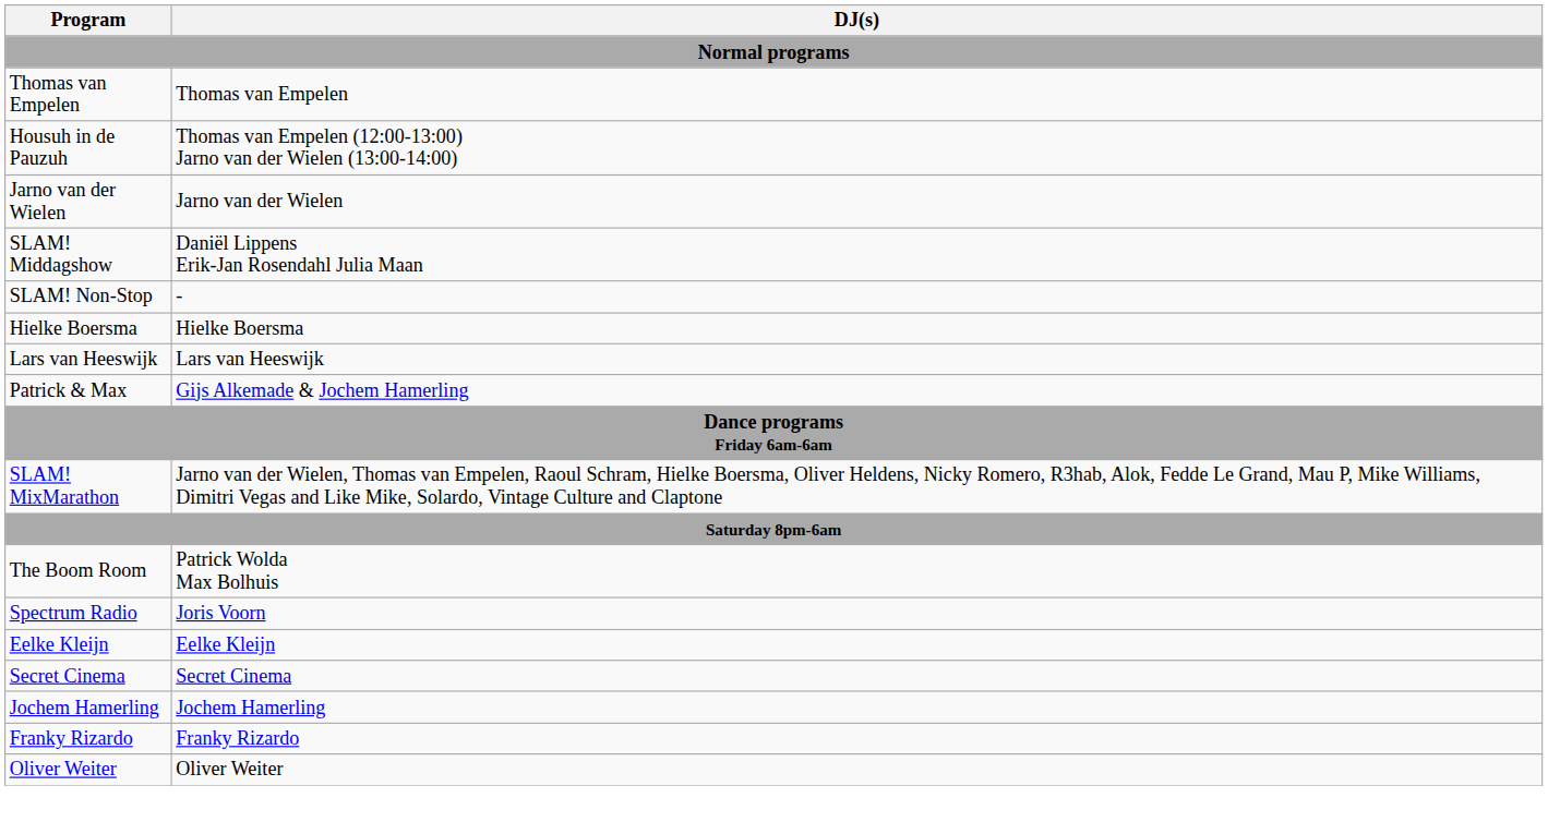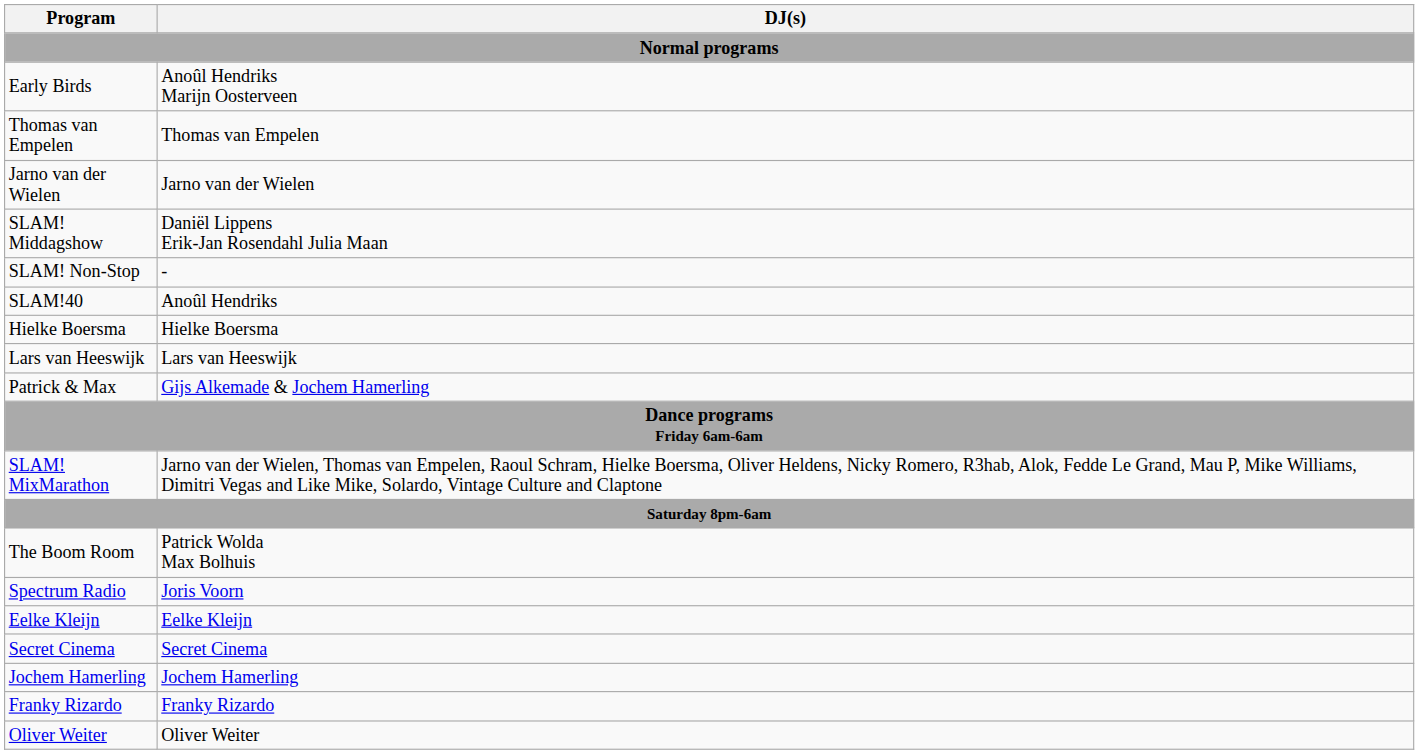 <table class="wikitable">
 <tr>
 <th>Program</th>
 <th>DJ(s)</th>
 </tr>
 <tr>
 <td colspan="2" style="text-align:center; background-color:#AAAAAA;"><strong>Normal programs</strong></td>
 </tr>
 <tr>
+<td>Early Birds</td>
+<td>Anoûl Hendriks<br>Marijn Oosterveen</td>
+</tr>
+<tr>
 <td>Thomas van Empelen</td>
 <td>Thomas van Empelen</td>
-</tr>
-<tr>
-<td>Housuh in de Pauzuh</td>
-<td>Thomas van Empelen (12:00-13:00)<br>Jarno van der Wielen (13:00-14:00)</td>
 </tr>
 <tr>
 <td>Jarno van der Wielen</td>
 <td>Jarno van der Wielen</td>
 </tr>
 <tr>
 <td>SLAM! Middagshow</td>
 <td>Daniël Lippens<br>Erik-Jan Rosendahl Julia Maan</td>
 </tr>
 <tr>
 <td>SLAM! Non-Stop</td>
 <td>-</td>
+</tr>
+<tr>
+<td>SLAM!40</td>
+<td>Anoûl Hendriks</td>
 </tr>
 <tr>
 <td>Hielke Boersma</td>
 <td>Hielke Boersma</td>
 </tr>
 <tr>
 <td>Lars van Heeswijk</td>
 <td>Lars van Heeswijk</td>
 </tr>
 <tr>
 <td>Patrick & Max</td>
 <td><a href='#'>Gijs Alkemade</a> & <a href='#'>Jochem Hamerling</a></td>
 </tr>
 <tr>
 <td colspan="2" style="text-align:center; background-color:#AAAAAA;"><strong>Dance programs</strong><br><strong><small>Friday 6am-6am</small></strong></td>
 </tr>
 <tr>
 <td><a href='#'>SLAM! MixMarathon</a></td>
 <td>Jarno van der Wielen, Thomas van Empelen, Raoul Schram, Hielke Boersma, Oliver Heldens, Nicky Romero, R3hab, Alok, Fedde Le Grand, Mau P, Mike Williams, Dimitri Vegas and Like Mike, Solardo, Vintage Culture and Claptone</td>
 </tr>
 <tr>
 <th colspan="2" style="text-align:center; background-color:#AAAAAA;"><strong><small>Saturday 8pm-6am</small></strong></th>
 </tr>
 <tr>
 <td>The Boom Room</td>
 <td>Patrick Wolda<br>Max Bolhuis</td>
 </tr>
 <tr>
 <td><a href='#'>Spectrum Radio</a></td>
 <td><a href='#'>Joris Voorn</a></td>
 </tr>
 <tr>
 <td><a href='#'>Eelke Kleijn</a></td>
 <td><a href='#'>Eelke Kleijn</a></td>
 </tr>
 <tr>
 <td><a href='#'>Secret Cinema</a></td>
 <td><a href='#'>Secret Cinema</a></td>
 </tr>
 <tr>
 <td><a href='#'>Jochem Hamerling</a></td>
 <td><a href='#'>Jochem Hamerling</a></td>
 </tr>
 <tr>
 <td><a href='#'>Franky Rizardo</a></td>
 <td><a href='#'>Franky Rizardo</a></td>
 </tr>
 <tr>
 <td><a href='#'>Oliver Weiter</a></td>
 <td>Oliver Weiter</td>
 </tr>
 </table>
